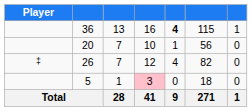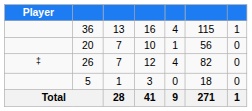 <table class="wikitable sortable" style="width:60%; text-align:center;">
 <tr>
 <th style="color:white; background:#1D7CF2; ">Player</th>
 <th style="color:white; background:#1D7CF2; "></th>
 <th style="color:white; background:#1D7CF2; "></th>
 <th style="color:white; background:#1D7CF2; "></th>
 <th style="color:white; background:#1D7CF2; "></th>
 <th style="color:white; background:#1D7CF2; "></th>
 <th style="color:white; background:#1D7CF2; "></th>
 </tr>
 <tr>
 <td></td>
 <td>36</td>
 <td>13</td>
 <td>16</td>
-<td><strong>4</strong></td>
+<td>4</td>
 <td>115</td>
 <td>1</td>
 </tr>
 <tr>
 <td></td>
 <td>20</td>
 <td>7</td>
 <td>10</td>
 <td>1</td>
 <td>56</td>
 <td>0</td>
 </tr>
 <tr>
 <td><sup>‡</sup></td>
 <td>26</td>
 <td>7</td>
 <td>12</td>
 <td>4</td>
 <td>82</td>
 <td>0</td>
 </tr>
 <tr>
 <td></td>
 <td>5</td>
 <td>1</td>
-<td style="background: pink;">3</td>
+<td>3</td>
 <td>0</td>
 <td>18</td>
 <td>0</td>
 </tr>
 <tr class="sortbottom">
 <th colspan=2>Total</th>
 <th>28</th>
 <th>41</th>
 <th>9</th>
 <th>271</th>
 <th>1</th>
 </tr>
 </table>
